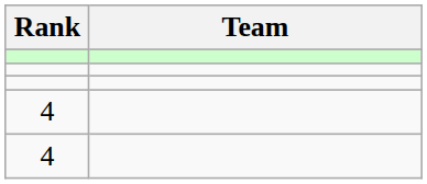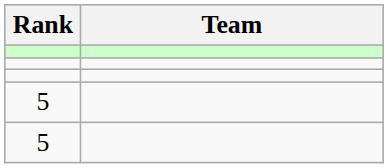 <table class=wikitable style="text-align:center">
 <tr>
 <th width=40>Rank</th>
 <th width=180>Team</th>
 </tr>
 <tr bgcolor=ccffcc>
 <td></td>
 <td align=left></td>
 </tr>
 <tr>
 <td></td>
 <td align=left></td>
 </tr>
 <tr>
 <td></td>
 <td align=left></td>
 </tr>
 <tr>
-<td>4</td>
+<td>5</td>
 <td align=left></td>
 </tr>
 <tr>
-<td>4</td>
+<td>5</td>
 <td align=left></td>
 </tr>
 </table>
